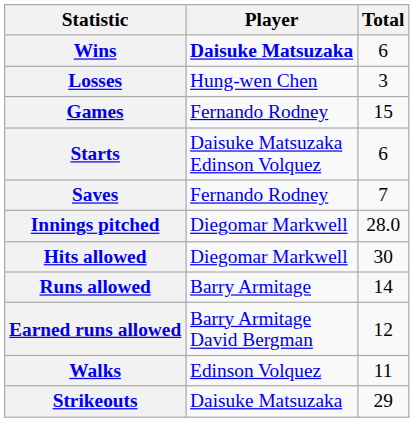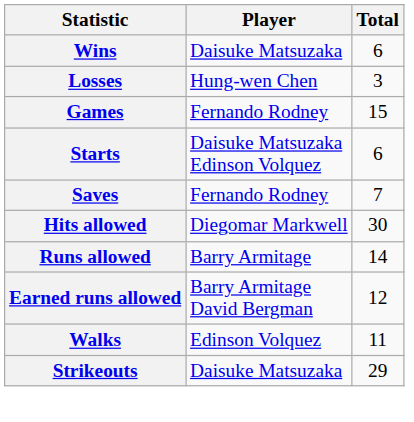 <table class="wikitable plainrowheaders">
 <tr>
 <th scope="col">Statistic</th>
 <th scope="col">Player</th>
 <th scope="col">Total</th>
 </tr>
 <tr>
 <th scope="row"><a href='#'>Wins</a></th>
-<td><strong> <a href='#'>Daisuke Matsuzaka</a></strong></td>
+<td> <a href='#'>Daisuke Matsuzaka</a></td>
 <td align=center>6</td>
 </tr>
 <tr>
 <th scope="row"><a href='#'>Losses</a></th>
 <td> <a href='#'>Hung-wen Chen</a></td>
 <td align=center>3</td>
 </tr>
 <tr>
 <th scope="row"><a href='#'>Games</a></th>
 <td> <a href='#'>Fernando Rodney</a></td>
 <td align=center>15</td>
 </tr>
 <tr>
 <th scope="row"><a href='#'>Starts</a></th>
 <td> <a href='#'>Daisuke Matsuzaka</a><br> <a href='#'>Edinson Volquez</a></td>
 <td align=center>6</td>
 </tr>
 <tr>
 <th scope="row"><a href='#'>Saves</a></th>
 <td> <a href='#'>Fernando Rodney</a></td>
 <td align=center>7</td>
-</tr>
-<tr>
-<th scope="row"><a href='#'>Innings pitched</a></th>
-<td> <a href='#'>Diegomar Markwell</a></td>
-<td align=center>28.0</td>
 </tr>
 <tr>
 <th scope="row"><a href='#'>Hits allowed</a></th>
 <td> <a href='#'>Diegomar Markwell</a></td>
 <td align=center>30</td>
 </tr>
 <tr>
 <th scope="row"><a href='#'>Runs allowed</a></th>
 <td> <a href='#'>Barry Armitage</a></td>
 <td align=center>14</td>
 </tr>
 <tr>
 <th scope="row"><a href='#'>Earned runs allowed</a></th>
 <td> <a href='#'>Barry Armitage</a><br> <a href='#'>David Bergman</a></td>
 <td align=center>12</td>
 </tr>
 <tr>
 <th scope="row"><a href='#'>Walks</a></th>
 <td> <a href='#'>Edinson Volquez</a></td>
 <td align=center>11</td>
 </tr>
 <tr>
 <th scope="row"><a href='#'>Strikeouts</a></th>
 <td> <a href='#'>Daisuke Matsuzaka</a></td>
 <td align=center>29</td>
 </tr>
 </table>
